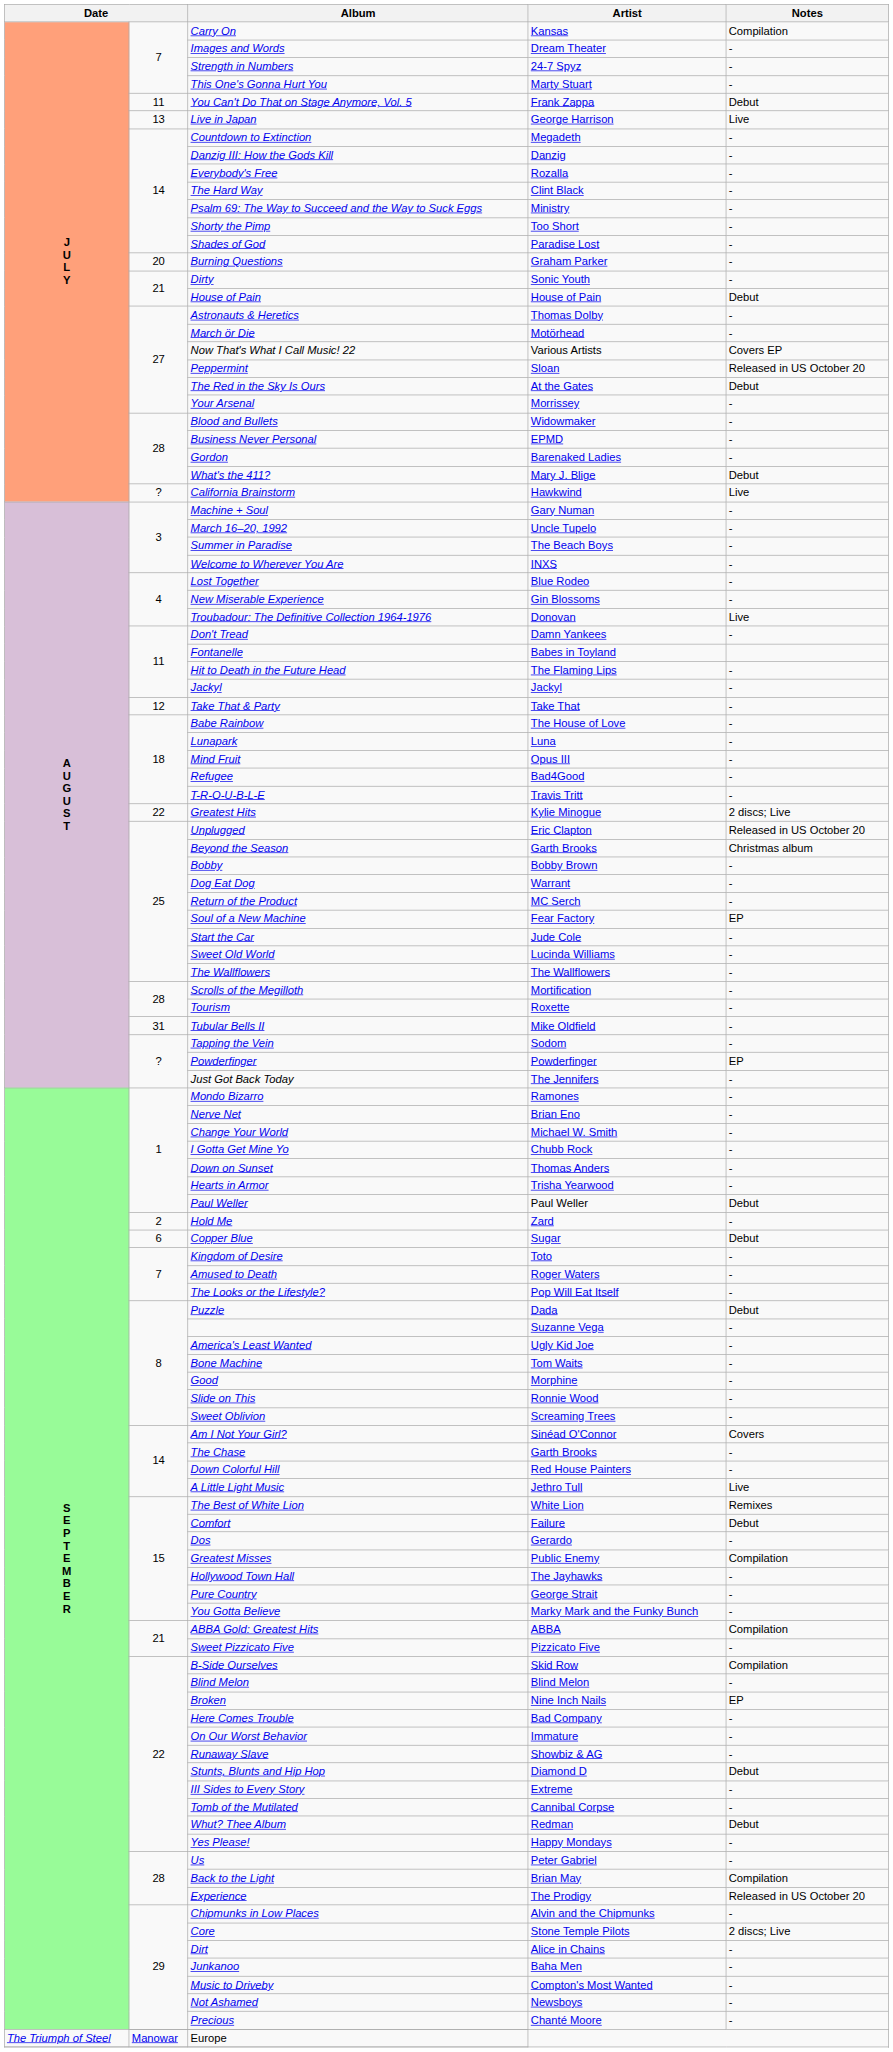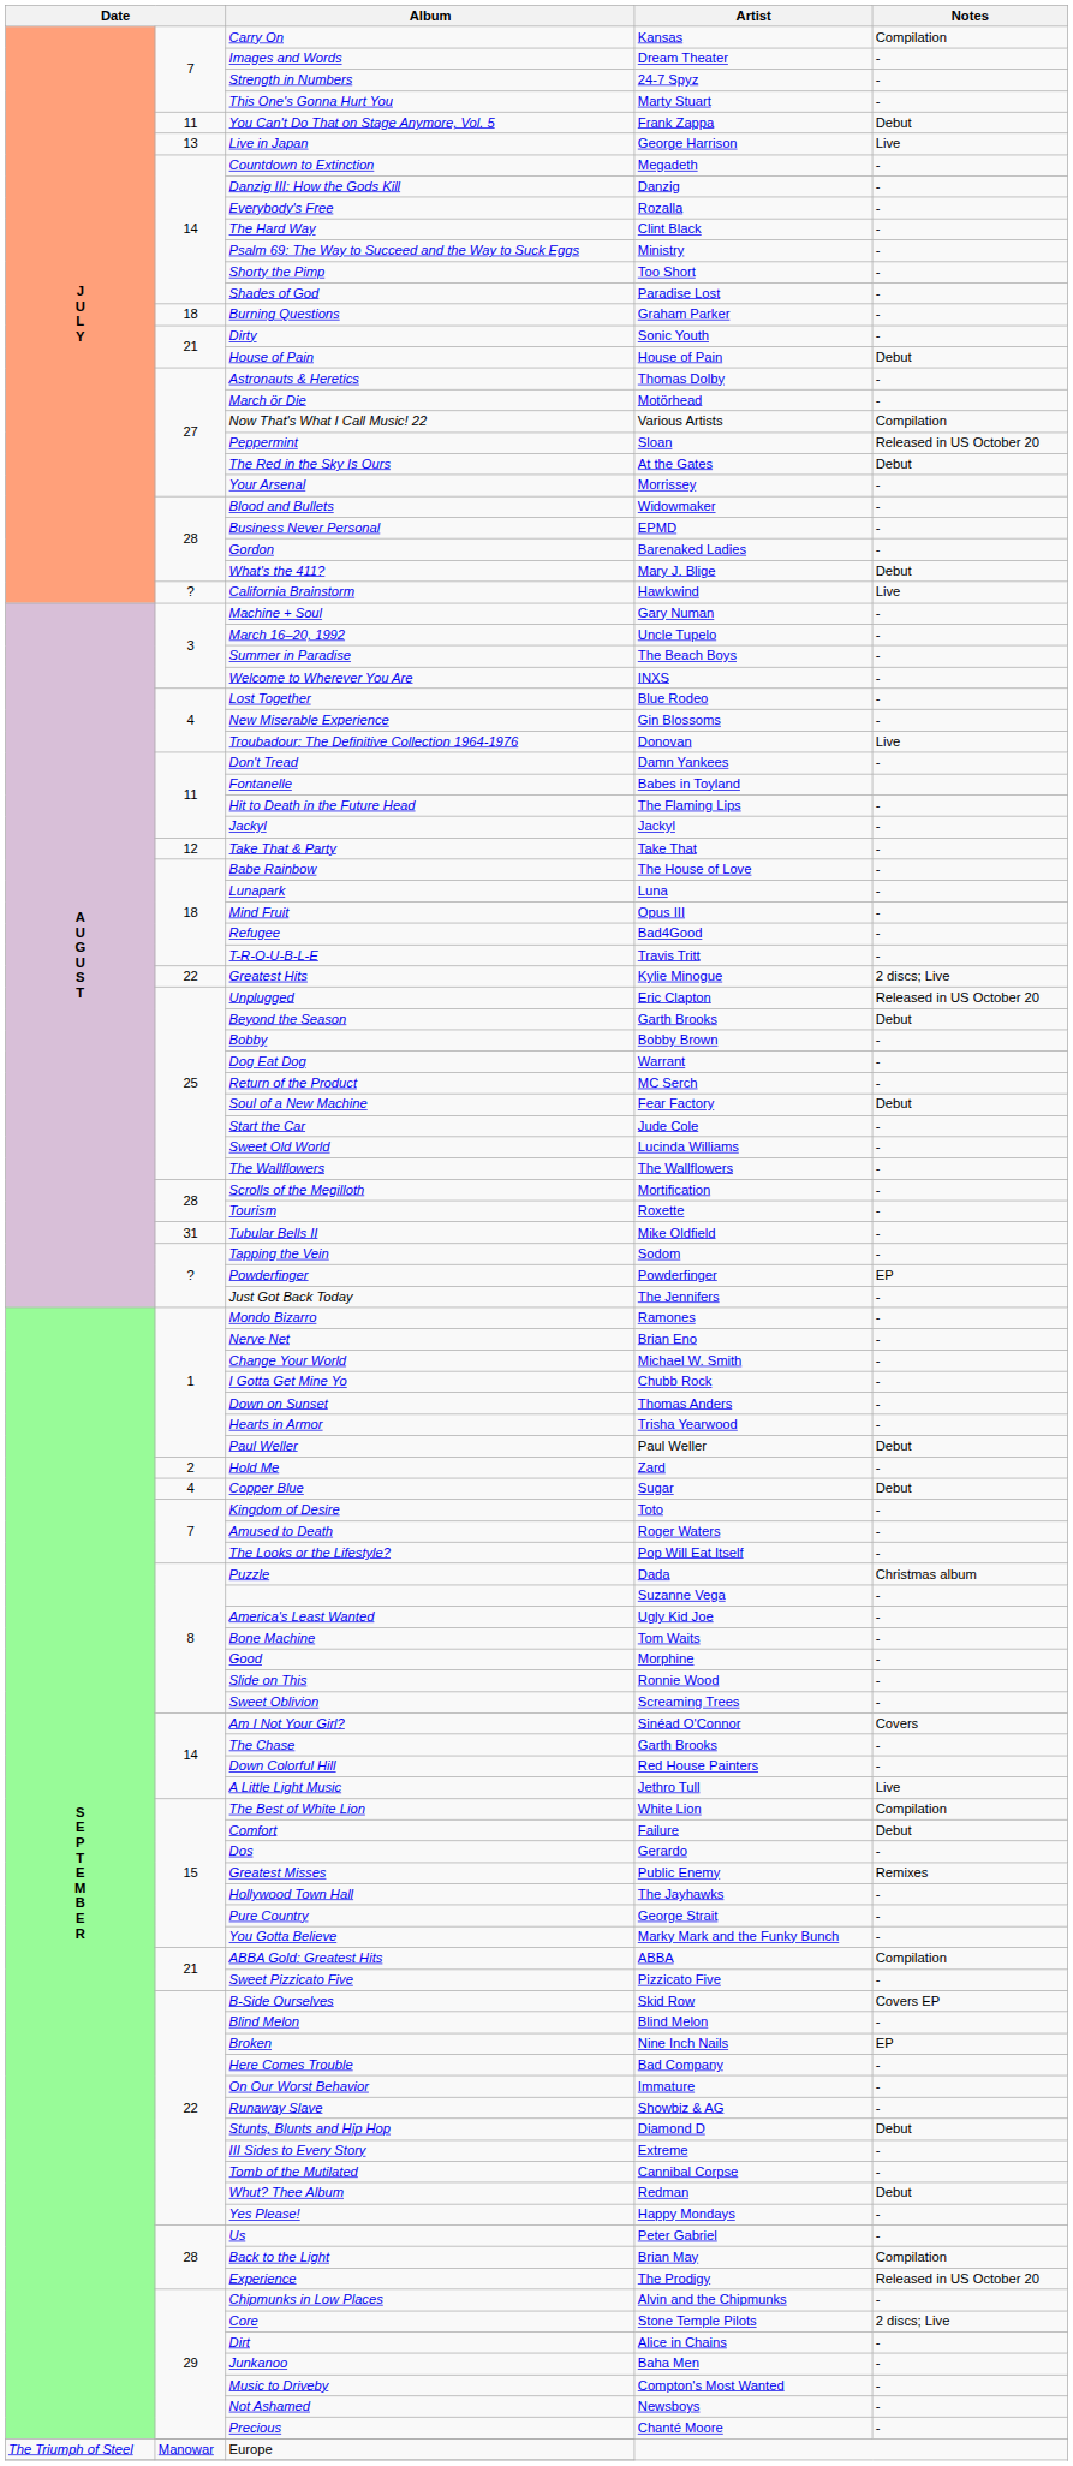 <table class="wikitable" width="100%">
 <tr>
 <th colspan="2">Date</th>
 <th>Album</th>
 <th>Artist</th>
 <th>Notes</th>
 </tr>
 <tr>
 <td rowspan="27" valign="center" align="center" style="background:#FFA07A; textcolor:#000;"><strong>J<br>U<br>L<br>Y</strong></td>
 <td rowspan="4" align="center">7</td>
 <td><em><a href='#'>Carry On</a></em></td>
 <td><a href='#'>Kansas</a></td>
 <td>Compilation</td>
 </tr>
 <tr>
 <td><em><a href='#'>Images and Words</a></em></td>
 <td><a href='#'>Dream Theater</a></td>
 <td>-</td>
 </tr>
 <tr>
 <td><em><a href='#'>Strength in Numbers</a></em></td>
 <td><a href='#'>24-7 Spyz</a></td>
 <td>-</td>
 </tr>
 <tr>
 <td><em><a href='#'>This One's Gonna Hurt You</a></em></td>
 <td><a href='#'>Marty Stuart</a></td>
 <td>-</td>
 </tr>
 <tr>
 <td align="center">11</td>
 <td><em><a href='#'>You Can't Do That on Stage Anymore, Vol. 5</a></em></td>
 <td><a href='#'>Frank Zappa</a></td>
 <td>Debut</td>
 </tr>
 <tr>
 <td align="center">13</td>
 <td><em><a href='#'>Live in Japan</a></em></td>
 <td><a href='#'>George Harrison</a></td>
 <td>Live</td>
 </tr>
 <tr>
 <td rowspan="7" align="center">14</td>
 <td><em><a href='#'>Countdown to Extinction</a></em></td>
 <td><a href='#'>Megadeth</a></td>
 <td>-</td>
 </tr>
 <tr>
 <td><em><a href='#'>Danzig III: How the Gods Kill</a></em></td>
 <td><a href='#'>Danzig</a></td>
 <td>-</td>
 </tr>
 <tr>
 <td><em><a href='#'>Everybody's Free</a></em></td>
 <td><a href='#'>Rozalla</a></td>
 <td>-</td>
 </tr>
 <tr>
 <td><em><a href='#'>The Hard Way</a></em></td>
 <td><a href='#'>Clint Black</a></td>
 <td>-</td>
 </tr>
 <tr>
 <td><em><a href='#'>Psalm 69: The Way to Succeed and the Way to Suck Eggs</a></em></td>
 <td><a href='#'>Ministry</a></td>
 <td>-</td>
 </tr>
 <tr>
 <td><em><a href='#'>Shorty the Pimp</a></em></td>
 <td><a href='#'>Too Short</a></td>
 <td>-</td>
 </tr>
 <tr>
 <td><em><a href='#'>Shades of God</a></em></td>
 <td><a href='#'>Paradise Lost</a></td>
 <td>-</td>
 </tr>
 <tr>
-<td align="center">20</td>
+<td align="center">18</td>
 <td><em><a href='#'>Burning Questions</a></em></td>
 <td><a href='#'>Graham Parker</a></td>
 <td>-</td>
 </tr>
 <tr>
 <td rowspan="2" align="center">21</td>
 <td><em><a href='#'>Dirty</a></em></td>
 <td><a href='#'>Sonic Youth</a></td>
 <td>-</td>
 </tr>
 <tr>
 <td><em><a href='#'>House of Pain</a></em></td>
 <td><a href='#'>House of Pain</a></td>
 <td>Debut</td>
 </tr>
 <tr>
 <td rowspan="6" align="center">27</td>
 <td><em><a href='#'>Astronauts & Heretics</a></em></td>
 <td><a href='#'>Thomas Dolby</a></td>
 <td>-</td>
 </tr>
 <tr>
 <td><em><a href='#'>March ör Die</a></em></td>
 <td><a href='#'>Motörhead</a></td>
 <td>-</td>
 </tr>
 <tr>
 <td><em>Now That's What I Call Music! 22</em></td>
 <td>Various Artists</td>
-<td>Covers EP</td>
+<td>Compilation</td>
 </tr>
 <tr>
 <td><em><a href='#'>Peppermint</a></em></td>
 <td><a href='#'>Sloan</a></td>
 <td>Released in US October 20</td>
 </tr>
 <tr>
 <td><em><a href='#'>The Red in the Sky Is Ours</a></em></td>
 <td><a href='#'>At the Gates</a></td>
 <td>Debut</td>
 </tr>
 <tr>
 <td><em><a href='#'>Your Arsenal</a></em></td>
 <td><a href='#'>Morrissey</a></td>
 <td>-</td>
 </tr>
 <tr>
 <td rowspan="4" align="center">28</td>
 <td><em><a href='#'>Blood and Bullets</a></em></td>
 <td><a href='#'>Widowmaker</a></td>
 <td>-</td>
 </tr>
 <tr>
 <td><em><a href='#'>Business Never Personal</a></em></td>
 <td><a href='#'>EPMD</a></td>
 <td>-</td>
 </tr>
 <tr>
 <td><em><a href='#'>Gordon</a></em></td>
 <td><a href='#'>Barenaked Ladies</a></td>
 <td>-</td>
 </tr>
 <tr>
 <td><em><a href='#'>What's the 411?</a></em></td>
 <td><a href='#'>Mary J. Blige</a></td>
 <td>Debut</td>
 </tr>
 <tr>
 <td rowspan="1" align="center">?</td>
 <td><em><a href='#'>California Brainstorm</a></em></td>
 <td><a href='#'>Hawkwind</a></td>
 <td>Live</td>
 </tr>
 <tr>
 <td rowspan="33" valign="center" align="center" style="background:#D8BFD8; textcolor:#000;"><strong>A<br>U<br>G<br>U<br>S<br>T</strong></td>
 <td rowspan="4" align="center">3</td>
 <td><em><a href='#'>Machine + Soul</a></em></td>
 <td><a href='#'>Gary Numan</a></td>
 <td>-</td>
 </tr>
 <tr>
 <td><em><a href='#'>March 16–20, 1992</a></em></td>
 <td><a href='#'>Uncle Tupelo</a></td>
 <td>-</td>
 </tr>
 <tr>
 <td><em><a href='#'>Summer in Paradise</a></em></td>
 <td><a href='#'>The Beach Boys</a></td>
 <td>-</td>
 </tr>
 <tr>
 <td><em><a href='#'>Welcome to Wherever You Are</a></em></td>
 <td><a href='#'>INXS</a></td>
 <td>-</td>
 </tr>
 <tr>
 <td rowspan="3" align="center">4</td>
 <td><em><a href='#'>Lost Together</a></em></td>
 <td><a href='#'>Blue Rodeo</a></td>
 <td>-</td>
 </tr>
 <tr>
 <td><em><a href='#'>New Miserable Experience</a></em></td>
 <td><a href='#'>Gin Blossoms</a></td>
 <td>-</td>
 </tr>
 <tr>
 <td><em><a href='#'>Troubadour: The Definitive Collection 1964-1976</a></em></td>
 <td><a href='#'>Donovan</a></td>
 <td>Live</td>
 </tr>
 <tr>
 <td rowspan="4" align="center">11</td>
 <td><em><a href='#'>Don't Tread</a></em></td>
 <td><a href='#'>Damn Yankees</a></td>
 <td>-</td>
 </tr>
 <tr>
 <td><em><a href='#'>Fontanelle</a></em></td>
 <td><a href='#'>Babes in Toyland</a></td>
 <td></td>
 </tr>
 <tr>
 <td><em><a href='#'>Hit to Death in the Future Head</a></em></td>
 <td><a href='#'>The Flaming Lips</a></td>
 <td>-</td>
 </tr>
 <tr>
 <td><em><a href='#'>Jackyl</a></em></td>
 <td><a href='#'>Jackyl</a></td>
 <td>-</td>
 </tr>
 <tr>
 <td align="center">12</td>
 <td><em><a href='#'>Take That & Party</a></em></td>
 <td><a href='#'>Take That</a></td>
 <td>-</td>
 </tr>
 <tr>
 <td rowspan="5" align="center">18</td>
 <td><em><a href='#'>Babe Rainbow</a></em></td>
 <td><a href='#'>The House of Love</a></td>
 <td>-</td>
 </tr>
 <tr>
 <td><em><a href='#'>Lunapark</a></em></td>
 <td><a href='#'>Luna</a></td>
 <td>-</td>
 </tr>
 <tr>
 <td><em><a href='#'>Mind Fruit</a></em></td>
 <td><a href='#'>Opus III</a></td>
 <td>-</td>
 </tr>
 <tr>
 <td><em><a href='#'>Refugee</a></em></td>
 <td><a href='#'>Bad4Good</a></td>
 <td>-</td>
 </tr>
 <tr>
 <td><em><a href='#'>T-R-O-U-B-L-E</a></em></td>
 <td><a href='#'>Travis Tritt</a></td>
 <td>-</td>
 </tr>
 <tr>
 <td align="center">22</td>
 <td><em><a href='#'>Greatest Hits</a></em></td>
 <td><a href='#'>Kylie Minogue</a></td>
 <td>2 discs; Live</td>
 </tr>
 <tr>
 <td rowspan="9" align="center">25</td>
 <td><em><a href='#'>Unplugged</a></em></td>
 <td><a href='#'>Eric Clapton</a></td>
 <td>Released in US October 20</td>
 </tr>
 <tr>
 <td><em><a href='#'>Beyond the Season</a></em></td>
 <td><a href='#'>Garth Brooks</a></td>
-<td>Christmas album</td>
+<td>Debut</td>
 </tr>
 <tr>
 <td><em><a href='#'>Bobby</a></em></td>
 <td><a href='#'>Bobby Brown</a></td>
 <td>-</td>
 </tr>
 <tr>
 <td><em><a href='#'>Dog Eat Dog</a></em></td>
 <td><a href='#'>Warrant</a></td>
 <td>-</td>
 </tr>
 <tr>
 <td><em><a href='#'>Return of the Product</a></em></td>
 <td><a href='#'>MC Serch</a></td>
 <td>-</td>
 </tr>
 <tr>
 <td><em><a href='#'>Soul of a New Machine</a></em></td>
 <td><a href='#'>Fear Factory</a></td>
-<td>EP</td>
+<td>Debut</td>
 </tr>
 <tr>
 <td><em><a href='#'>Start the Car</a></em></td>
 <td><a href='#'>Jude Cole</a></td>
 <td>-</td>
 </tr>
 <tr>
 <td><em><a href='#'>Sweet Old World</a></em></td>
 <td><a href='#'>Lucinda Williams</a></td>
 <td>-</td>
 </tr>
 <tr>
 <td><em><a href='#'>The Wallflowers</a></em></td>
 <td><a href='#'>The Wallflowers</a></td>
 <td>-</td>
 </tr>
 <tr>
 <td rowspan="2" align="center">28</td>
 <td><em><a href='#'>Scrolls of the Megilloth</a></em></td>
 <td><a href='#'>Mortification</a></td>
 <td>-</td>
 </tr>
 <tr>
 <td><em><a href='#'>Tourism</a></em></td>
 <td><a href='#'>Roxette</a></td>
 <td>-</td>
 </tr>
 <tr>
 <td rowspan="1" align="center">31</td>
 <td><em><a href='#'>Tubular Bells II</a></em></td>
 <td><a href='#'>Mike Oldfield</a></td>
 <td>-</td>
 </tr>
 <tr>
 <td rowspan="3" align="center">?</td>
 <td><em><a href='#'>Tapping the Vein</a></em></td>
 <td><a href='#'>Sodom</a></td>
 <td>-</td>
 </tr>
 <tr>
 <td><em><a href='#'>Powderfinger</a></em></td>
 <td><a href='#'>Powderfinger</a></td>
 <td>EP</td>
 </tr>
 <tr>
 <td><em>Just Got Back Today</em></td>
 <td><a href='#'>The Jennifers</a></td>
 <td>-</td>
 </tr>
 <tr>
 <td rowspan="55" valign="center" align="center" style="background:#98FB98; textcolor:#000;"><strong>S<br>E<br>P<br>T<br>E<br>M<br>B<br>E<br>R</strong></td>
 <td rowspan="7" align="center">1</td>
 <td><em><a href='#'>Mondo Bizarro</a></em></td>
 <td><a href='#'>Ramones</a></td>
 <td>-</td>
 </tr>
 <tr>
 <td><em><a href='#'>Nerve Net</a></em></td>
 <td><a href='#'>Brian Eno</a></td>
 <td>-</td>
 </tr>
 <tr>
 <td><em><a href='#'>Change Your World</a></em></td>
 <td><a href='#'>Michael W. Smith</a></td>
 <td>-</td>
 </tr>
 <tr>
 <td><em><a href='#'>I Gotta Get Mine Yo</a></em></td>
 <td><a href='#'>Chubb Rock</a></td>
 <td>-</td>
 </tr>
 <tr>
 <td><em><a href='#'>Down on Sunset</a></em></td>
 <td><a href='#'>Thomas Anders</a></td>
 <td>-</td>
 </tr>
 <tr>
 <td><em><a href='#'>Hearts in Armor</a></em></td>
 <td><a href='#'>Trisha Yearwood</a></td>
 <td>-</td>
 </tr>
 <tr>
 <td><em><a href='#'>Paul Weller</a></em></td>
 <td>Paul Weller</td>
 <td>Debut</td>
 </tr>
 <tr>
 <td align="center">2</td>
 <td><em><a href='#'>Hold Me</a></em></td>
 <td><a href='#'>Zard</a></td>
 <td>-</td>
 </tr>
 <tr>
-<td align="center">6</td>
+<td align="center">4</td>
 <td><em><a href='#'>Copper Blue</a></em></td>
 <td><a href='#'>Sugar</a></td>
 <td>Debut</td>
 </tr>
 <tr>
 <td rowspan="3" align="center">7</td>
 <td><em><a href='#'>Kingdom of Desire</a></em></td>
 <td><a href='#'>Toto</a></td>
 <td>-</td>
 </tr>
 <tr>
 <td><em><a href='#'>Amused to Death</a></em></td>
 <td><a href='#'>Roger Waters</a></td>
 <td>-</td>
 </tr>
 <tr>
 <td><em><a href='#'>The Looks or the Lifestyle?</a></em></td>
 <td><a href='#'>Pop Will Eat Itself</a></td>
 <td>-</td>
 </tr>
 <tr>
 <td rowspan="7" align="center">8</td>
 <td><em><a href='#'>Puzzle</a></em></td>
 <td><a href='#'>Dada</a></td>
-<td>Debut</td>
+<td>Christmas album</td>
 </tr>
 <tr>
 <td><em></em></td>
 <td><a href='#'>Suzanne Vega</a></td>
 <td>-</td>
 </tr>
 <tr>
 <td><em><a href='#'>America's Least Wanted</a></em></td>
 <td><a href='#'>Ugly Kid Joe</a></td>
 <td>-</td>
 </tr>
 <tr>
 <td><em><a href='#'>Bone Machine</a></em></td>
 <td><a href='#'>Tom Waits</a></td>
 <td>-</td>
 </tr>
 <tr>
 <td><em><a href='#'>Good</a></em></td>
 <td><a href='#'>Morphine</a></td>
 <td>-</td>
 </tr>
 <tr>
 <td><em><a href='#'>Slide on This</a></em></td>
 <td><a href='#'>Ronnie Wood</a></td>
 <td>-</td>
 </tr>
 <tr>
 <td><em><a href='#'>Sweet Oblivion</a></em></td>
 <td><a href='#'>Screaming Trees</a></td>
 <td>-</td>
 </tr>
 <tr>
 <td rowspan="4" align="center">14</td>
 <td><em><a href='#'>Am I Not Your Girl?</a></em></td>
 <td><a href='#'>Sinéad O'Connor</a></td>
 <td>Covers</td>
 </tr>
 <tr>
 <td><em><a href='#'>The Chase</a></em></td>
 <td><a href='#'>Garth Brooks</a></td>
 <td>-</td>
 </tr>
 <tr>
 <td><em><a href='#'>Down Colorful Hill</a></em></td>
 <td><a href='#'>Red House Painters</a></td>
 <td>-</td>
 </tr>
 <tr>
 <td><em><a href='#'>A Little Light Music</a></em></td>
 <td><a href='#'>Jethro Tull</a></td>
 <td>Live</td>
 </tr>
 <tr>
 <td rowspan="7" align="center">15</td>
 <td><em><a href='#'>The Best of White Lion</a></em></td>
 <td><a href='#'>White Lion</a></td>
-<td>Remixes</td>
+<td>Compilation</td>
 </tr>
 <tr>
 <td><em><a href='#'>Comfort</a></em></td>
 <td><a href='#'>Failure</a></td>
 <td>Debut</td>
 </tr>
 <tr>
 <td><em><a href='#'>Dos</a></em></td>
 <td><a href='#'>Gerardo</a></td>
 <td>-</td>
 </tr>
 <tr>
 <td><em><a href='#'>Greatest Misses</a></em></td>
 <td><a href='#'>Public Enemy</a></td>
-<td>Compilation</td>
+<td>Remixes</td>
 </tr>
 <tr>
 <td><em><a href='#'>Hollywood Town Hall</a></em></td>
 <td><a href='#'>The Jayhawks</a></td>
 <td>-</td>
 </tr>
 <tr>
 <td><em><a href='#'>Pure Country</a></em></td>
 <td><a href='#'>George Strait</a></td>
 <td>-</td>
 </tr>
 <tr>
 <td><em><a href='#'>You Gotta Believe</a></em></td>
 <td><a href='#'>Marky Mark and the Funky Bunch</a></td>
 <td>-</td>
 </tr>
 <tr>
 <td rowspan="2" align="center">21</td>
 <td><em><a href='#'>ABBA Gold: Greatest Hits</a></em></td>
 <td><a href='#'>ABBA</a></td>
 <td>Compilation</td>
 </tr>
 <tr>
 <td><em><a href='#'>Sweet Pizzicato Five</a></em></td>
 <td><a href='#'>Pizzicato Five</a></td>
 <td>-</td>
 </tr>
 <tr>
 <td rowspan="11" align="center">22</td>
 <td><em><a href='#'>B-Side Ourselves</a></em></td>
 <td><a href='#'>Skid Row</a></td>
-<td>Compilation</td>
+<td>Covers EP</td>
 </tr>
 <tr>
 <td><em><a href='#'>Blind Melon</a></em></td>
 <td><a href='#'>Blind Melon</a></td>
 <td>-</td>
 </tr>
 <tr>
 <td><em><a href='#'>Broken</a></em></td>
 <td><a href='#'>Nine Inch Nails</a></td>
 <td>EP</td>
 </tr>
 <tr>
 <td><em><a href='#'>Here Comes Trouble</a></em></td>
 <td><a href='#'>Bad Company</a></td>
 <td>-</td>
 </tr>
 <tr>
 <td><em><a href='#'>On Our Worst Behavior</a></em></td>
 <td><a href='#'>Immature</a></td>
 <td>-</td>
 </tr>
 <tr>
 <td><em><a href='#'>Runaway Slave</a></em></td>
 <td><a href='#'>Showbiz & AG</a></td>
 <td>-</td>
 </tr>
 <tr>
 <td><em><a href='#'>Stunts, Blunts and Hip Hop</a></em></td>
 <td><a href='#'>Diamond D</a></td>
 <td>Debut</td>
 </tr>
 <tr>
 <td><em><a href='#'>III Sides to Every Story</a></em></td>
 <td><a href='#'>Extreme</a></td>
 <td>-</td>
 </tr>
 <tr>
 <td><em><a href='#'>Tomb of the Mutilated</a></em></td>
 <td><a href='#'>Cannibal Corpse</a></td>
 <td>-</td>
 </tr>
 <tr>
 <td><em><a href='#'>Whut? Thee Album</a></em></td>
 <td><a href='#'>Redman</a></td>
 <td>Debut</td>
 </tr>
 <tr>
 <td><em><a href='#'>Yes Please!</a></em></td>
 <td><a href='#'>Happy Mondays</a></td>
 <td>-</td>
 </tr>
 <tr>
 <td rowspan="3" align="center">28</td>
 <td><em><a href='#'>Us</a></em></td>
 <td><a href='#'>Peter Gabriel</a></td>
 <td>-</td>
 </tr>
 <tr>
 <td><em><a href='#'>Back to the Light</a></em></td>
 <td><a href='#'>Brian May</a></td>
 <td>Compilation</td>
 </tr>
 <tr>
 <td><em><a href='#'>Experience</a></em></td>
 <td><a href='#'>The Prodigy</a></td>
 <td>Released in US October 20</td>
 </tr>
 <tr>
 <td rowspan="8" align="center">29</td>
 <td><em><a href='#'>Chipmunks in Low Places</a></em></td>
 <td><a href='#'>Alvin and the Chipmunks</a></td>
 <td>-</td>
 </tr>
 <tr>
 <td><em><a href='#'>Core</a></em></td>
 <td><a href='#'>Stone Temple Pilots</a></td>
 <td>2 discs; Live</td>
 </tr>
 <tr>
 <td><em><a href='#'>Dirt</a></em></td>
 <td><a href='#'>Alice in Chains</a></td>
 <td>-</td>
 </tr>
 <tr>
 <td><em><a href='#'>Junkanoo</a></em></td>
 <td><a href='#'>Baha Men</a></td>
 <td>-</td>
 </tr>
 <tr>
 <td><em><a href='#'>Music to Driveby</a></em></td>
 <td><a href='#'>Compton's Most Wanted</a></td>
 <td>-</td>
 </tr>
 <tr>
 <td><em><a href='#'>Not Ashamed</a></em></td>
 <td><a href='#'>Newsboys</a></td>
 <td>-</td>
 </tr>
 <tr>
 <td><em><a href='#'>Precious</a></em></td>
 <td><a href='#'>Chanté Moore</a></td>
 <td>-</td>
 </tr>
 <tr>
 </tr>
 <tr>
 </tr>
 <tr>
 <td><em><a href='#'>The Triumph of Steel</a></em></td>
 <td><a href='#'>Manowar</a></td>
 <td>Europe</td>
 </tr>
 <tr>
 </tr>
 </table>
